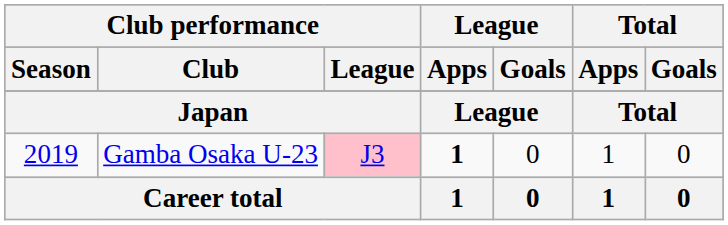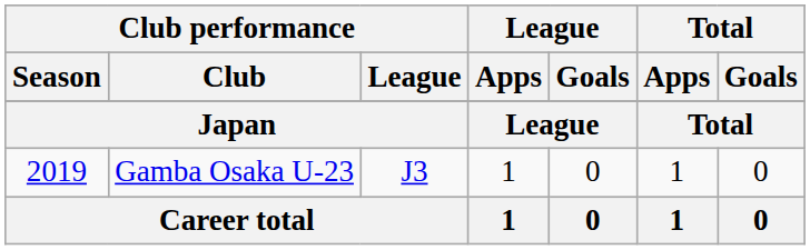 <table class="wikitable" style="text-align:center">
 <tr>
 <th colspan=3>Club performance</th>
 <th colspan=2>League</th>
 <th colspan=2>Total</th>
 </tr>
 <tr>
 <th>Season</th>
 <th>Club</th>
 <th>League</th>
 <th>Apps</th>
 <th>Goals</th>
 <th>Apps</th>
 <th>Goals</th>
 </tr>
 <tr>
 </tr>
 <tr>
 <th colspan=3>Japan</th>
 <th colspan=2>League</th>
 <th colspan=2>Total</th>
 </tr>
 <tr>
 <td><a href='#'>2019</a></td>
 <td rowspan=1><a href='#'>Gamba Osaka U-23</a></td>
-<td rowspan=1 style="background: pink;"><a href='#'>J3</a></td>
-<td><strong>1</strong></td>
+<td rowspan=1><a href='#'>J3</a></td>
+<td>1</td>
 <td>0</td>
 <td>1</td>
 <td>0</td>
 </tr>
 <tr>
 <th colspan=3>Career total</th>
 <th>1</th>
 <th>0</th>
 <th>1</th>
 <th>0</th>
 </tr>
 </table>
